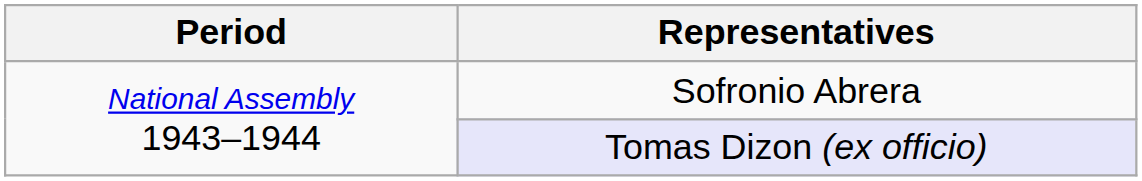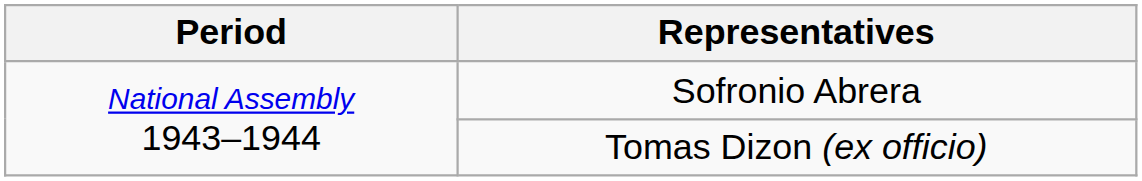 <table class="wikitable" style="text-align:center; width:40%;">
 <tr>
 <th width=40%>Period</th>
 <th>Representatives</th>
 </tr>
 <tr>
 <td rowspan=2><small><a href='#'><em>National Assembly</em></a></small><br>1943–1944</td>
 <td>Sofronio Abrera</td>
 </tr>
 <tr>
-<td style="background: lavender;">Tomas Dizon <em>(ex officio)</em></td>
+<td>Tomas Dizon <em>(ex officio)</em></td>
 </tr>
 </table>
